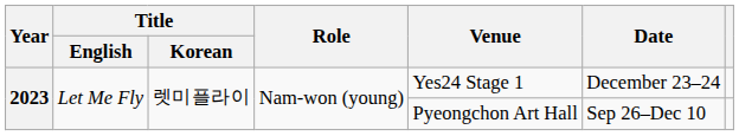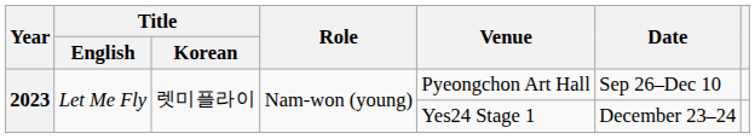 <table class="wikitable sortable plainrowheaders" style="text-align:left; font-size:100%;">
 <tr>
 <th scope="col" rowspan="2">Year</th>
 <th scope="col" colspan="2">Title</th>
 <th scope="col" rowspan="2">Role</th>
 <th scope="col" rowspan="2" class="unsortable">Venue</th>
 <th scope="col" rowspan="2">Date</th>
 <th rowspan="2" scope="col" class="unsortable"></th>
 </tr>
 <tr>
 <th>English</th>
 <th>Korean</th>
 </tr>
 <tr>
 <th rowspan="2" scope="row">2023</th>
 <td rowspan="2"><em>Let Me Fly</em></td>
 <td rowspan="2">렛미플라이</td>
 <td rowspan="2">Nam-won (young)</td>
+<td>Pyeongchon Art Hall</td>
+<td>Sep 26–Dec 10</td>
+<td></td>
+</tr>
+<tr>
 <td>Yes24 Stage 1</td>
 <td>December 23–24</td>
 <td></td>
 </tr>
-<tr>
-<td>Pyeongchon Art Hall</td>
-<td>Sep 26–Dec 10</td>
-<td></td>
-</tr>
 </table>
